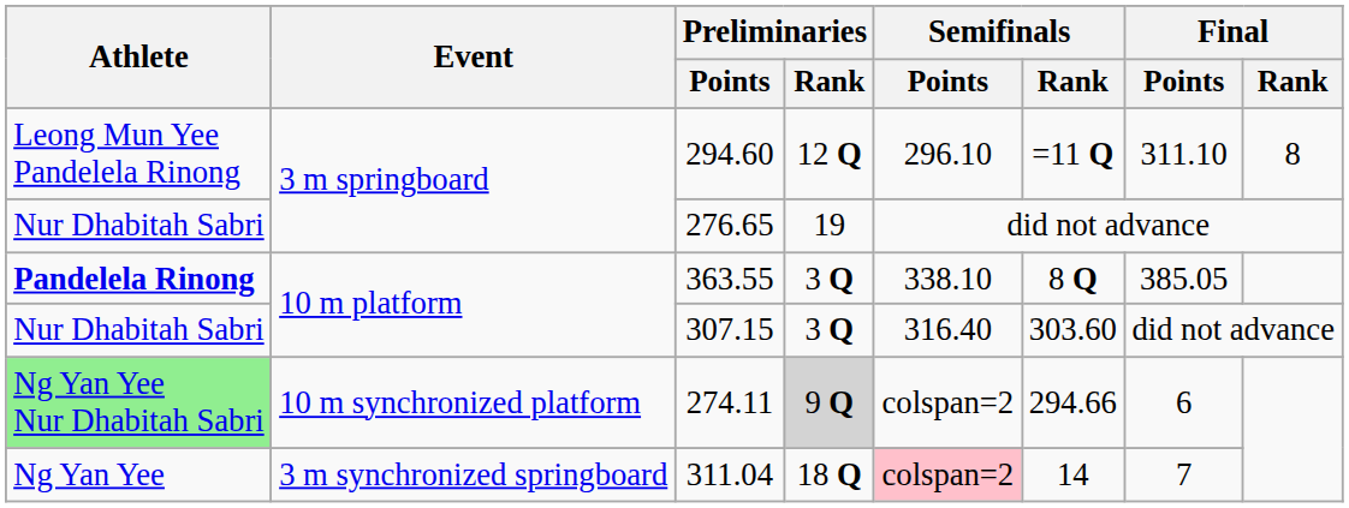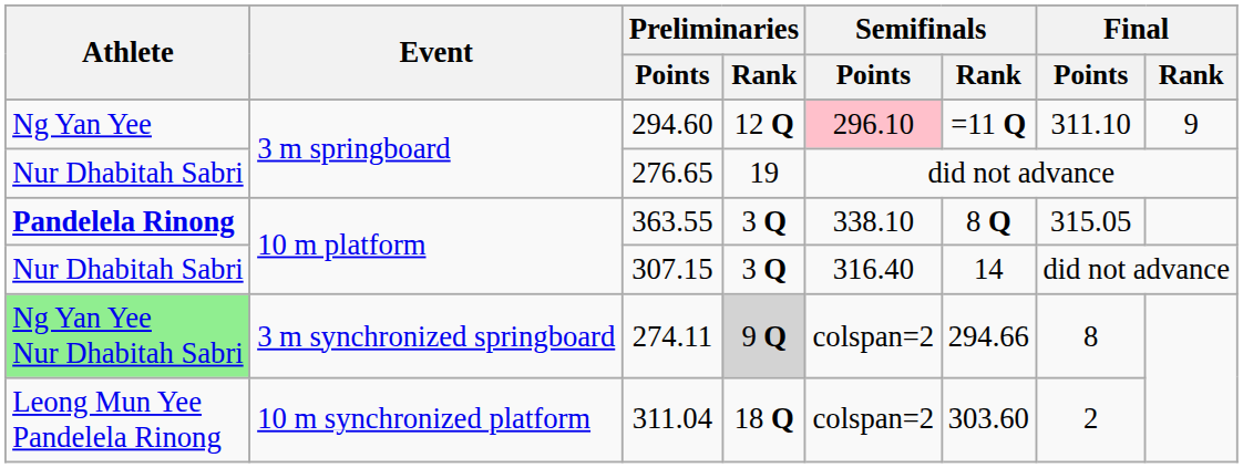 <table class=wikitable style="font-size:90%;">
 <tr>
 <th rowspan="2">Athlete</th>
 <th rowspan="2">Event</th>
 <th colspan="2">Preliminaries</th>
 <th colspan="2">Semifinals</th>
 <th colspan="2">Final</th>
 </tr>
 <tr style="font-size:95%">
 <th>Points</th>
 <th>Rank</th>
 <th>Points</th>
 <th>Rank</th>
 <th>Points</th>
 <th>Rank</th>
 </tr>
 <tr align=center>
-<td align=left><a href='#'>Leong Mun Yee</a><br><a href='#'>Pandelela Rinong</a></td>
+<td align=left><a href='#'>Ng Yan Yee</a></td>
 <td align=left rowspan=2><a href='#'>3 m springboard</a></td>
 <td>294.60</td>
 <td>12 <strong>Q</strong></td>
-<td>296.10</td>
+<td style="background: pink;">296.10</td>
 <td>=11 <strong>Q</strong></td>
 <td>311.10</td>
-<td>8</td>
+<td>9</td>
 </tr>
 <tr align=center>
 <td align=left><a href='#'>Nur Dhabitah Sabri</a></td>
 <td>276.65</td>
 <td>19</td>
 <td colspan=4>did not advance</td>
 </tr>
 <tr align=center>
 <td align=left><strong><a href='#'>Pandelela Rinong</a></strong></td>
 <td align=left rowspan=2><a href='#'>10 m platform</a></td>
 <td>363.55</td>
 <td>3 <strong>Q</strong></td>
 <td>338.10</td>
 <td>8 <strong>Q</strong></td>
-<td>385.05</td>
+<td>315.05</td>
 <td></td>
 </tr>
 <tr align=center>
 <td align=left><a href='#'>Nur Dhabitah Sabri</a></td>
 <td>307.15</td>
 <td>3 <strong>Q</strong></td>
 <td>316.40</td>
-<td>303.60</td>
+<td>14</td>
 <td colspan=2>did not advance</td>
 </tr>
 <tr align=center>
 <td align=left style="background: lightgreen;"><a href='#'>Ng Yan Yee</a><br><a href='#'>Nur Dhabitah Sabri</a></td>
-<td align=left><a href='#'>10 m synchronized platform</a></td>
+<td align=left><a href='#'>3 m synchronized springboard</a></td>
 <td>274.11</td>
 <td style="background: lightgrey;">9 <strong>Q</strong></td>
 <td>colspan=2 </td>
 <td>294.66</td>
-<td>6</td>
+<td>8</td>
 </tr>
 <tr align=center>
-<td align=left><a href='#'>Ng Yan Yee</a></td>
-<td align=left><a href='#'>3 m synchronized springboard</a></td>
+<td align=left><a href='#'>Leong Mun Yee</a><br><a href='#'>Pandelela Rinong</a></td>
+<td align=left><a href='#'>10 m synchronized platform</a></td>
 <td>311.04</td>
 <td>18 <strong>Q</strong></td>
-<td style="background: pink;">colspan=2 </td>
-<td>14</td>
-<td>7</td>
+<td>colspan=2 </td>
+<td>303.60</td>
+<td>2</td>
 </tr>
 </table>
